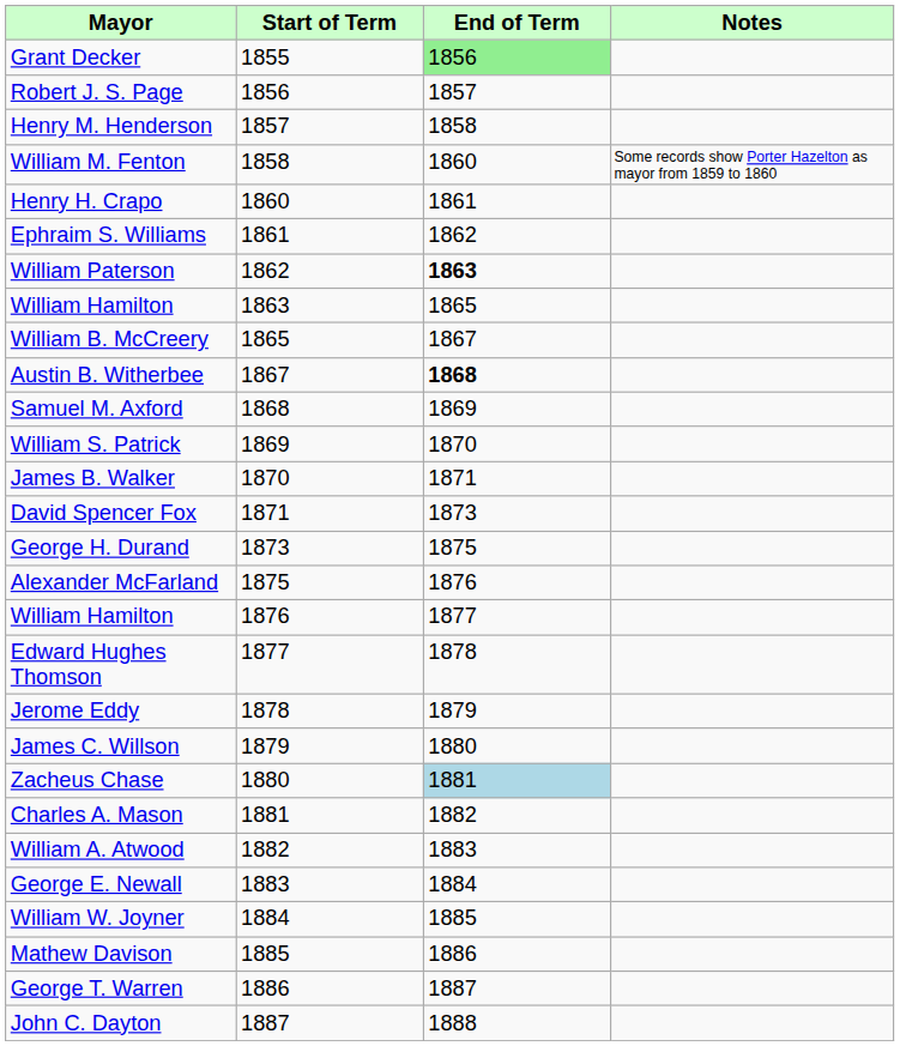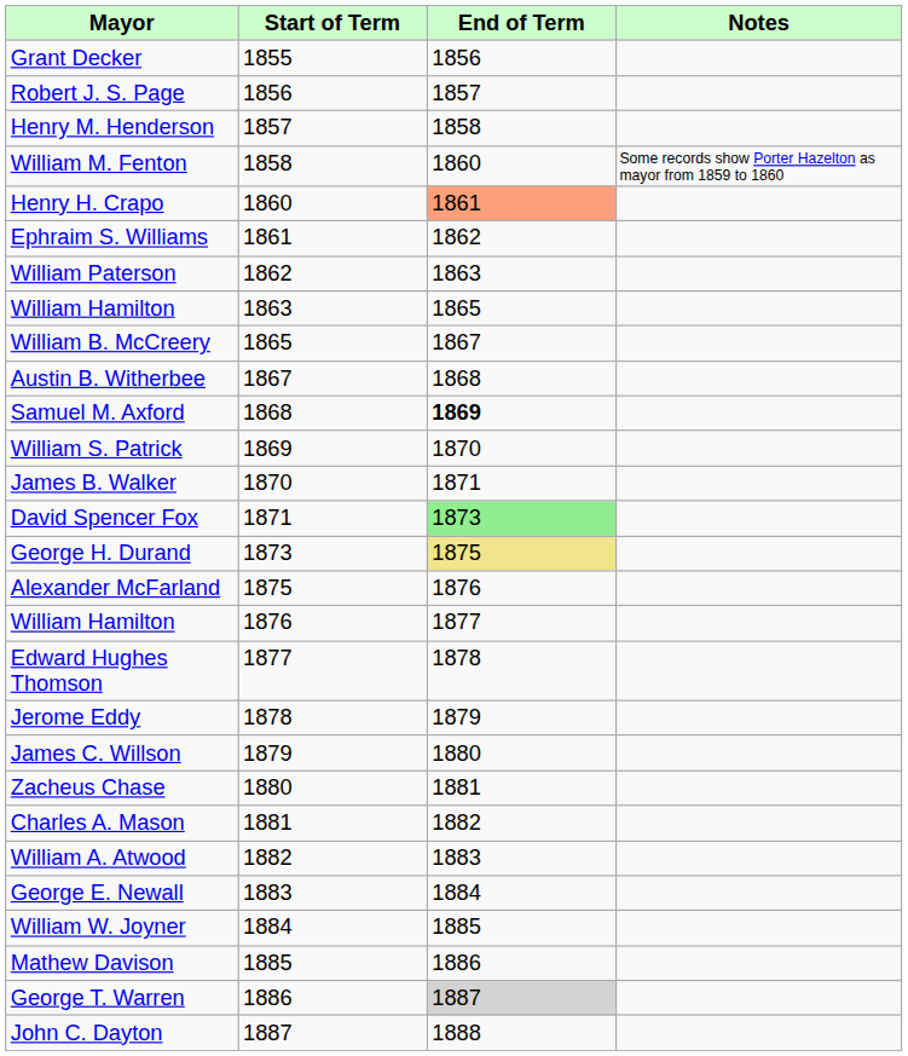 <table class="wikitable">
 <tr style="background-color:#CCFFCC;font-weight:bold" align="center">
 <td width="161.25" Height="14.25">Mayor</td>
 <td width="129.75">Start of Term</td>
 <td width="129.75">End of Term</td>
 <td width="200.00">Notes</td>
 </tr>
 <tr valign="top">
 <td Height="14.25"><a href='#'>Grant Decker</a></td>
 <td>1855</td>
-<td style="background: lightgreen;">1856</td>
+<td>1856</td>
 <td style="font-size:8pt"></td>
 </tr>
 <tr valign="top">
 <td Height="14.25"><a href='#'>Robert J. S. Page</a></td>
 <td>1856</td>
 <td>1857</td>
 <td style="font-size:8pt"></td>
 </tr>
 <tr valign="top">
 <td Height="14.25"><a href='#'>Henry M. Henderson</a></td>
 <td>1857</td>
 <td>1858</td>
 <td style="font-size:8pt"></td>
 </tr>
 <tr valign="top">
 <td Height="14.25" ><a href='#'>William M. Fenton</a></td>
 <td>1858</td>
 <td>1860</td>
 <td style="font-size:8pt">Some records show <a href='#'>Porter Hazelton</a> as mayor from 1859 to 1860</td>
 </tr>
 <tr valign="top">
 <td Height="14.25" ><a href='#'>Henry H. Crapo</a></td>
 <td>1860</td>
-<td>1861</td>
+<td style="background: lightsalmon;">1861</td>
 <td style="font-size:8pt"></td>
 </tr>
 <tr valign="top">
 <td Height="14.25"><a href='#'>Ephraim S. Williams</a></td>
 <td>1861</td>
 <td>1862</td>
 <td style="font-size:8pt"></td>
 </tr>
 <tr valign="top">
 <td Height="14.25"><a href='#'>William Paterson</a></td>
 <td>1862</td>
-<td><strong>1863</strong></td>
+<td>1863</td>
 <td style="font-size:8pt"></td>
 </tr>
 <tr valign="top">
 <td Height="14.25"><a href='#'>William Hamilton</a></td>
 <td>1863</td>
 <td>1865</td>
 <td style="font-size:8pt"></td>
 </tr>
 <tr valign="top">
 <td Height="14.25"><a href='#'>William B. McCreery</a></td>
 <td>1865</td>
 <td>1867</td>
 <td style="font-size:8pt"></td>
 </tr>
 <tr valign="top">
 <td Height="14.25"><a href='#'>Austin B. Witherbee</a></td>
 <td>1867</td>
-<td><strong>1868</strong></td>
+<td>1868</td>
 <td style="font-size:8pt"></td>
 </tr>
 <tr valign="top">
 <td Height="14.25"><a href='#'>Samuel M. Axford</a></td>
 <td>1868</td>
-<td>1869</td>
+<td><strong>1869</strong></td>
 <td style="font-size:8pt"></td>
 </tr>
 <tr valign="top">
 <td Height="14.25"><a href='#'>William S. Patrick</a></td>
 <td>1869</td>
 <td>1870</td>
 <td style="font-size:8pt"></td>
 </tr>
 <tr valign="top">
 <td Height="14.25"><a href='#'>James B. Walker</a></td>
 <td>1870</td>
 <td>1871</td>
 <td style="font-size:8pt"></td>
 </tr>
 <tr valign="top">
 <td Height="14.25"><a href='#'>David Spencer Fox</a></td>
 <td>1871</td>
-<td>1873</td>
+<td style="background: lightgreen;">1873</td>
 <td style="font-size:8pt"></td>
 </tr>
 <tr valign="top">
 <td Height="14.25" ><a href='#'>George H. Durand</a></td>
 <td>1873</td>
-<td>1875</td>
+<td style="background: khaki;">1875</td>
 <td style="font-size:8pt"></td>
 </tr>
 <tr valign="top">
 <td Height="14.25"><a href='#'>Alexander McFarland</a></td>
 <td>1875</td>
 <td>1876</td>
 <td style="font-size:8pt"></td>
 </tr>
 <tr valign="top">
 <td Height="14.25"><a href='#'>William Hamilton</a></td>
 <td>1876</td>
 <td>1877</td>
 <td style="font-size:8pt"></td>
 </tr>
 <tr valign="top">
 <td Height="14.25"><a href='#'>Edward Hughes Thomson</a></td>
 <td>1877</td>
 <td>1878</td>
 <td style="font-size:8pt"></td>
 </tr>
 <tr valign="top">
 <td Height="14.25"><a href='#'>Jerome Eddy</a></td>
 <td>1878</td>
 <td>1879</td>
 <td style="font-size:8pt"></td>
 </tr>
 <tr valign="top">
 <td Height="14.25" ><a href='#'>James C. Willson</a></td>
 <td>1879</td>
 <td>1880</td>
 <td style="font-size:8pt"></td>
 </tr>
 <tr valign="top">
 <td Height="14.25"><a href='#'>Zacheus Chase</a></td>
 <td>1880</td>
-<td style="background: lightblue;">1881</td>
+<td>1881</td>
 <td style="font-size:8pt"></td>
 </tr>
 <tr valign="top">
 <td Height="14.25"><a href='#'>Charles A. Mason</a></td>
 <td>1881</td>
 <td>1882</td>
 <td style="font-size:8pt"></td>
 </tr>
 <tr valign="top">
 <td Height="14.25" ><a href='#'>William A. Atwood</a></td>
 <td>1882</td>
 <td>1883</td>
 <td style="font-size:8pt"></td>
 </tr>
 <tr valign="top">
 <td Height="14.25"><a href='#'>George E. Newall</a></td>
 <td>1883</td>
 <td>1884</td>
 <td style="font-size:8pt"></td>
 </tr>
 <tr valign="top">
 <td Height="14.25"><a href='#'>William W. Joyner</a></td>
 <td>1884</td>
 <td>1885</td>
 <td style="font-size:8pt"></td>
 </tr>
 <tr valign="top">
 <td Height="14.25"><a href='#'>Mathew Davison</a></td>
 <td>1885</td>
 <td>1886</td>
 <td style="font-size:8pt"></td>
 </tr>
 <tr valign="top">
 <td Height="14.25"><a href='#'>George T. Warren</a></td>
 <td>1886</td>
-<td>1887</td>
+<td style="background: lightgrey;">1887</td>
 <td style="font-size:8pt"></td>
 </tr>
 <tr valign="top">
 <td Height="14.25"><a href='#'>John C. Dayton</a></td>
 <td>1887</td>
 <td>1888</td>
 <td style="font-size:8pt"></td>
 </tr>
 </table>
